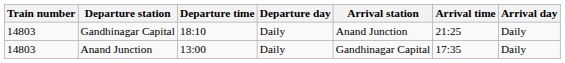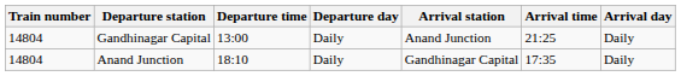 <table class="wikitable">
 <tr>
 <th>Train number</th>
 <th>Departure station</th>
 <th>Departure time</th>
 <th>Departure day</th>
 <th>Arrival station</th>
 <th>Arrival time</th>
 <th>Arrival day</th>
 </tr>
 <tr>
-<td>14803</td>
+<td>14804</td>
 <td>Gandhinagar Capital</td>
-<td>18:10</td>
+<td>13:00</td>
 <td>Daily</td>
 <td>Anand Junction</td>
 <td>21:25</td>
 <td>Daily</td>
 </tr>
 <tr>
-<td>14803</td>
+<td>14804</td>
 <td>Anand Junction</td>
-<td>13:00</td>
+<td>18:10</td>
 <td>Daily</td>
 <td>Gandhinagar Capital</td>
 <td>17:35</td>
 <td>Daily</td>
 </tr>
 </table>
